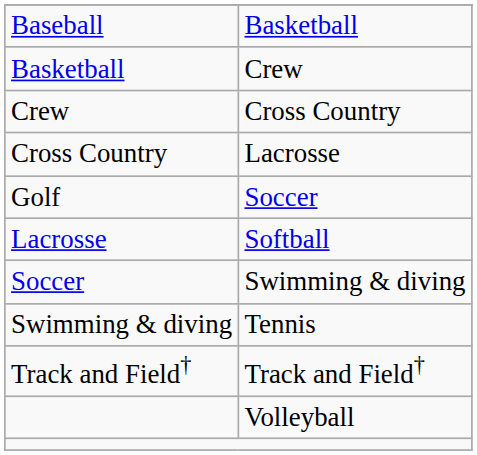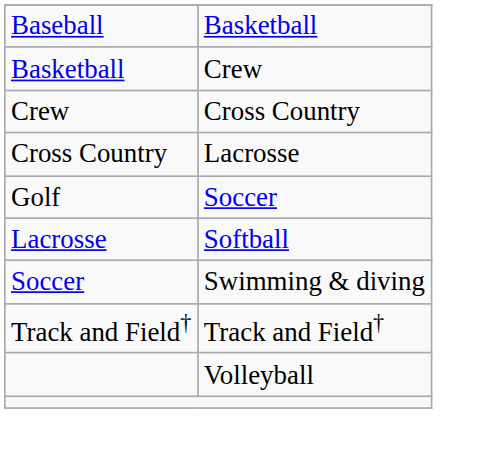 <table class="wikitable" style=" ">
 <tr>
 </tr>
 <tr>
 <td><a href='#'>Baseball</a></td>
 <td><a href='#'>Basketball</a></td>
 </tr>
 <tr>
 <td><a href='#'>Basketball</a></td>
 <td>Crew</td>
 </tr>
 <tr>
 <td>Crew</td>
 <td>Cross Country</td>
 </tr>
 <tr>
 <td>Cross Country</td>
 <td>Lacrosse</td>
 </tr>
 <tr>
 <td>Golf</td>
 <td><a href='#'>Soccer</a></td>
 </tr>
 <tr>
 <td><a href='#'>Lacrosse</a></td>
 <td><a href='#'>Softball</a></td>
 </tr>
 <tr>
 <td><a href='#'>Soccer</a></td>
 <td>Swimming & diving</td>
 </tr>
 <tr>
-<td>Swimming & diving</td>
-<td>Tennis</td>
-</tr>
-<tr>
 <td>Track and Field<sup>†</sup></td>
 <td>Track and Field<sup>†</sup></td>
 </tr>
 <tr>
 <td></td>
 <td>Volleyball</td>
 </tr>
 <tr>
 <td colspan="2"></td>
 </tr>
 </table>
